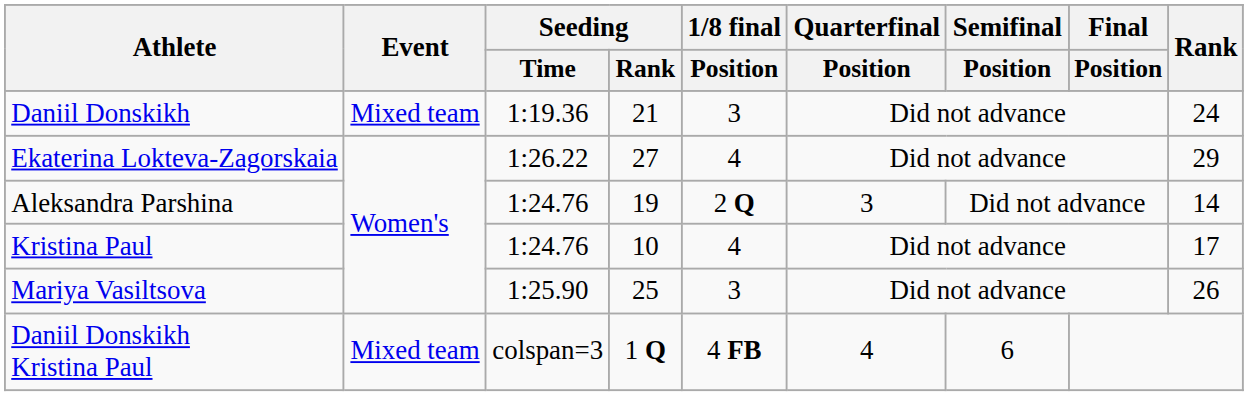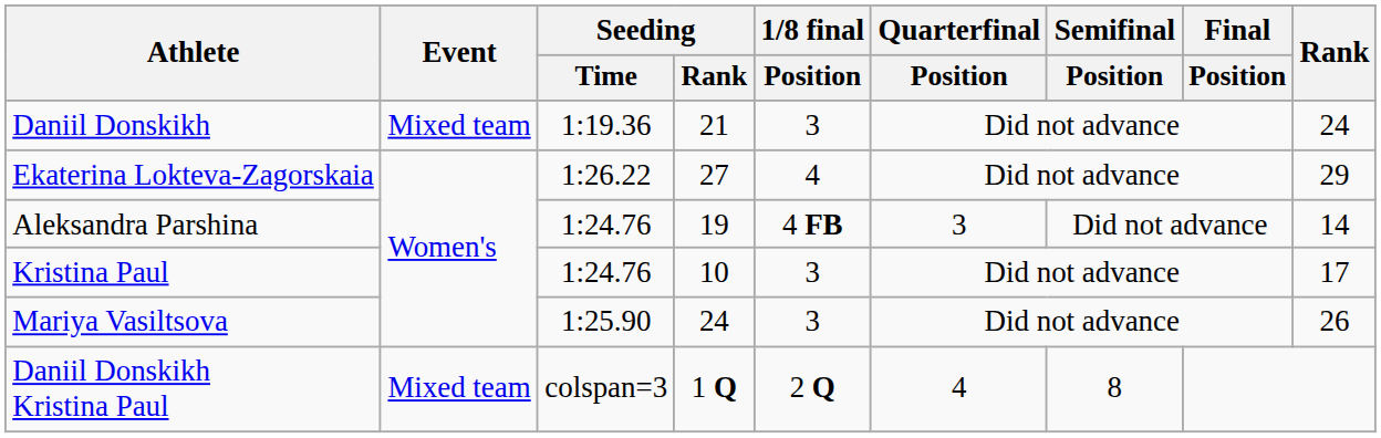 <table class=wikitable style="text-align:center; font-size:90%">
 <tr>
 <th rowspan=2>Athlete</th>
 <th rowspan=2>Event</th>
 <th colspan=2>Seeding</th>
 <th>1/8 final</th>
 <th>Quarterfinal</th>
 <th>Semifinal</th>
 <th>Final</th>
 <th rowspan=2>Rank</th>
 </tr>
 <tr style=font-size:95%>
 <th>Time</th>
 <th>Rank</th>
 <th>Position</th>
 <th>Position</th>
 <th>Position</th>
 <th>Position</th>
 </tr>
 <tr>
 <td align=left><a href='#'>Daniil Donskikh</a></td>
 <td align=left><a href='#'>Mixed team</a></td>
 <td>1:19.36</td>
 <td>21</td>
 <td>3</td>
 <td colspan=3>Did not advance</td>
 <td>24</td>
 </tr>
 <tr>
 <td align=left><a href='#'>Ekaterina Lokteva-Zagorskaia</a></td>
 <td align=left rowspan=4><a href='#'>Women's</a></td>
 <td>1:26.22</td>
 <td>27</td>
 <td>4</td>
 <td colspan=3>Did not advance</td>
 <td>29</td>
 </tr>
 <tr>
 <td align=left>Aleksandra Parshina</td>
 <td>1:24.76</td>
 <td>19</td>
-<td>2 <strong>Q</strong></td>
+<td>4 <strong>FB</strong></td>
 <td>3</td>
 <td colspan=2>Did not advance</td>
 <td>14</td>
 </tr>
 <tr>
 <td align=left><a href='#'>Kristina Paul</a></td>
 <td>1:24.76</td>
 <td>10</td>
-<td>4</td>
+<td>3</td>
 <td colspan=3>Did not advance</td>
 <td>17</td>
 </tr>
 <tr>
 <td align=left><a href='#'>Mariya Vasiltsova</a></td>
 <td>1:25.90</td>
-<td>25</td>
+<td>24</td>
 <td>3</td>
 <td colspan=3>Did not advance</td>
 <td>26</td>
 </tr>
 <tr>
 <td align=left><a href='#'>Daniil Donskikh</a><br><a href='#'>Kristina Paul</a></td>
 <td align=left><a href='#'>Mixed team</a></td>
 <td>colspan=3 </td>
 <td>1 <strong>Q</strong></td>
-<td>4 <strong>FB</strong></td>
+<td>2 <strong>Q</strong></td>
 <td>4</td>
-<td>6</td>
+<td>8</td>
 </tr>
 </table>
